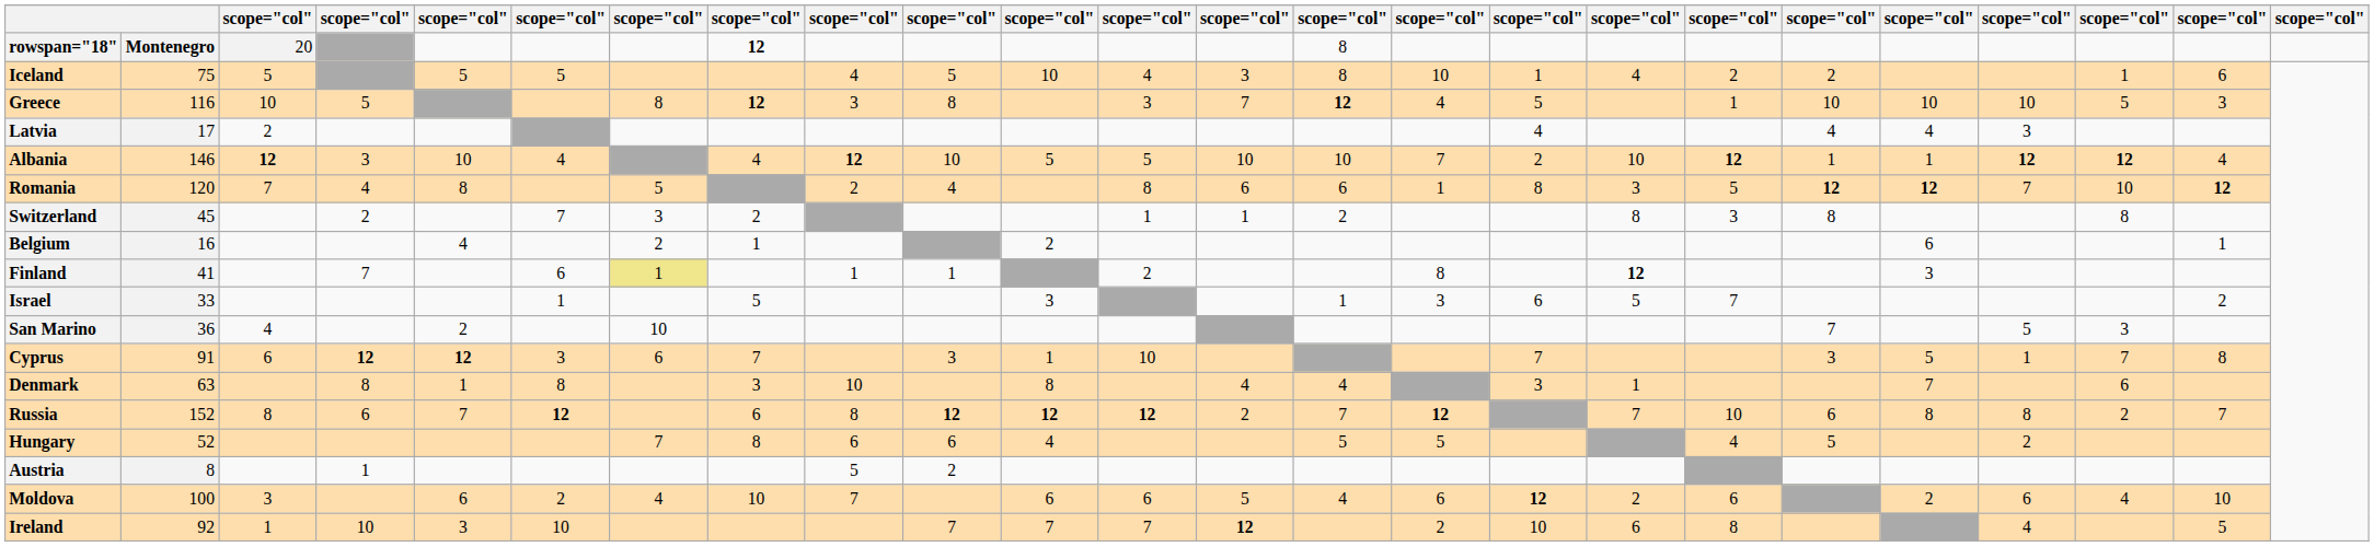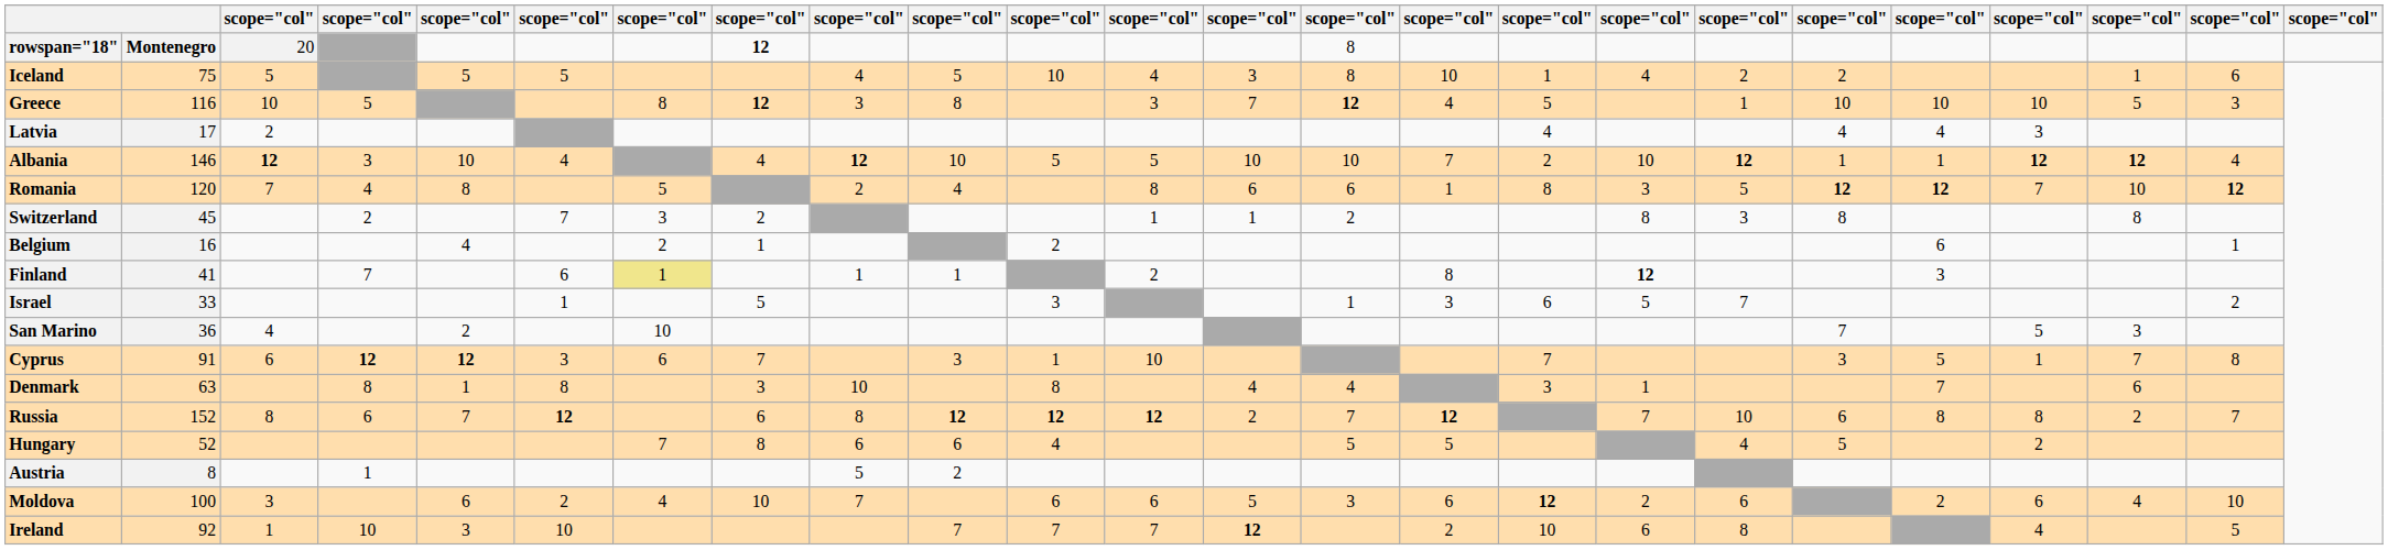 <table class="wikitable plainrowheaders" style="text-align:center; font-size:85%;">
 <tr>
 </tr>
 <tr>
 <th colspan="2"></th>
 <th>scope="col" </th>
 <th>scope="col" </th>
 <th>scope="col" </th>
 <th>scope="col" </th>
 <th>scope="col" </th>
 <th>scope="col" </th>
 <th>scope="col" </th>
 <th>scope="col" </th>
 <th>scope="col" </th>
 <th>scope="col" </th>
 <th>scope="col" </th>
 <th>scope="col" </th>
 <th>scope="col" </th>
 <th>scope="col" </th>
 <th>scope="col" </th>
 <th>scope="col" </th>
 <th>scope="col" </th>
 <th>scope="col" </th>
 <th>scope="col" </th>
 <th>scope="col" </th>
 <th>scope="col" </th>
 <th>scope="col" </th>
 </tr>
 <tr>
 <th>rowspan="18" </th>
 <th scope="row" style="text-align:left; background:#f2f2f2;">Montenegro</th>
 <td style="text-align:right; background:#f2f2f2;">20</td>
 <td style="text-align:left; background:#aaa;"></td>
 <td></td>
 <td></td>
 <td></td>
 <td><strong>12</strong></td>
 <td></td>
 <td></td>
 <td></td>
 <td></td>
 <td></td>
 <td>8</td>
 <td></td>
 <td></td>
 <td></td>
 <td></td>
 <td></td>
 <td></td>
 <td></td>
 <td></td>
 <td></td>
 <td></td>
 </tr>
 <tr style="background:#ffdead;">
 <th scope="row" style="text-align:left; font-weight:bold; background:#ffdead;">Iceland</th>
 <td style="text-align:right;">75</td>
 <td>5</td>
 <td style="text-align:left; background:#aaa;"></td>
 <td>5</td>
 <td>5</td>
 <td></td>
 <td></td>
 <td>4</td>
 <td>5</td>
 <td>10</td>
 <td>4</td>
 <td>3</td>
 <td>8</td>
 <td>10</td>
 <td>1</td>
 <td>4</td>
 <td>2</td>
 <td>2</td>
 <td></td>
 <td></td>
 <td>1</td>
 <td>6</td>
 </tr>
 <tr style="background:#ffdead;">
 <th scope="row" style="text-align:left; font-weight:bold; background:#ffdead;">Greece</th>
 <td style="text-align:right;">116</td>
 <td>10</td>
 <td>5</td>
 <td style="text-align:left; background:#aaa;"></td>
 <td></td>
 <td>8</td>
 <td><strong>12</strong></td>
 <td>3</td>
 <td>8</td>
 <td></td>
 <td>3</td>
 <td>7</td>
 <td><strong>12</strong></td>
 <td>4</td>
 <td>5</td>
 <td></td>
 <td>1</td>
 <td>10</td>
 <td>10</td>
 <td>10</td>
 <td>5</td>
 <td>3</td>
 </tr>
 <tr>
 <th scope="row" style="text-align:left; background:#f2f2f2;">Latvia</th>
 <td style="text-align:right; background:#f2f2f2;">17</td>
 <td>2</td>
 <td></td>
 <td></td>
 <td style="text-align:left; background:#aaa;"></td>
 <td></td>
 <td></td>
 <td></td>
 <td></td>
 <td></td>
 <td></td>
 <td></td>
 <td></td>
 <td></td>
 <td>4</td>
 <td></td>
 <td></td>
 <td>4</td>
 <td>4</td>
 <td>3</td>
 <td></td>
 <td></td>
 </tr>
 <tr style="background:#ffdead;">
 <th scope="row" style="text-align:left; font-weight:bold; background:#ffdead;">Albania</th>
 <td style="text-align:right;">146</td>
 <td><strong>12</strong></td>
 <td>3</td>
 <td>10</td>
 <td>4</td>
 <td style="text-align:left; background:#aaa;"></td>
 <td>4</td>
 <td><strong>12</strong></td>
 <td>10</td>
 <td>5</td>
 <td>5</td>
 <td>10</td>
 <td>10</td>
 <td>7</td>
 <td>2</td>
 <td>10</td>
 <td><strong>12</strong></td>
 <td>1</td>
 <td>1</td>
 <td><strong>12</strong></td>
 <td><strong>12</strong></td>
 <td>4</td>
 </tr>
 <tr style="background:#ffdead;">
 <th scope="row" style="text-align:left; font-weight:bold; background:#ffdead;">Romania</th>
 <td style="text-align:right;">120</td>
 <td>7</td>
 <td>4</td>
 <td>8</td>
 <td></td>
 <td>5</td>
 <td style="text-align:left; background:#aaa;"></td>
 <td>2</td>
 <td>4</td>
 <td></td>
 <td>8</td>
 <td>6</td>
 <td>6</td>
 <td>1</td>
 <td>8</td>
 <td>3</td>
 <td>5</td>
 <td><strong>12</strong></td>
 <td><strong>12</strong></td>
 <td>7</td>
 <td>10</td>
 <td><strong>12</strong></td>
 </tr>
 <tr>
 <th scope="row" style="text-align:left; background:#f2f2f2;">Switzerland</th>
 <td style="text-align:right; background:#f2f2f2;">45</td>
 <td></td>
 <td>2</td>
 <td></td>
 <td>7</td>
 <td>3</td>
 <td>2</td>
 <td style="text-align:left; background:#aaa;"></td>
 <td></td>
 <td></td>
 <td>1</td>
 <td>1</td>
 <td>2</td>
 <td></td>
 <td></td>
 <td>8</td>
 <td>3</td>
 <td>8</td>
 <td></td>
 <td></td>
 <td>8</td>
 <td></td>
 </tr>
 <tr>
 <th scope="row" style="text-align:left; background:#f2f2f2;">Belgium</th>
 <td style="text-align:right; background:#f2f2f2;">16</td>
 <td></td>
 <td></td>
 <td>4</td>
 <td></td>
 <td>2</td>
 <td>1</td>
 <td></td>
 <td style="text-align:left; background:#aaa;"></td>
 <td>2</td>
 <td></td>
 <td></td>
 <td></td>
 <td></td>
 <td></td>
 <td></td>
 <td></td>
 <td></td>
 <td>6</td>
 <td></td>
 <td></td>
 <td>1</td>
 </tr>
 <tr>
 <th scope="row" style="text-align:left; background:#f2f2f2;">Finland</th>
 <td style="text-align:right; background:#f2f2f2;">41</td>
 <td></td>
 <td>7</td>
 <td></td>
 <td>6</td>
 <td style="background: khaki;">1</td>
 <td></td>
 <td>1</td>
 <td>1</td>
 <td style="text-align:left; background:#aaa;"></td>
 <td>2</td>
 <td></td>
 <td></td>
 <td>8</td>
 <td></td>
 <td><strong>12</strong></td>
 <td></td>
 <td></td>
 <td>3</td>
 <td></td>
 <td></td>
 <td></td>
 </tr>
 <tr>
 <th scope="row" style="text-align:left; background:#f2f2f2;">Israel</th>
 <td style="text-align:right; background:#f2f2f2;">33</td>
 <td></td>
 <td></td>
 <td></td>
 <td>1</td>
 <td></td>
 <td>5</td>
 <td></td>
 <td></td>
 <td>3</td>
 <td style="text-align:left; background:#aaa;"></td>
 <td></td>
 <td>1</td>
 <td>3</td>
 <td>6</td>
 <td>5</td>
 <td>7</td>
 <td></td>
 <td></td>
 <td></td>
 <td></td>
 <td>2</td>
 </tr>
 <tr>
 <th scope="row" style="text-align:left; background:#f2f2f2;">San Marino</th>
 <td style="text-align:right; background:#f2f2f2;">36</td>
 <td>4</td>
 <td></td>
 <td>2</td>
 <td></td>
 <td>10</td>
 <td></td>
 <td></td>
 <td></td>
 <td></td>
 <td></td>
 <td style="text-align:left; background:#aaa;"></td>
 <td></td>
 <td></td>
 <td></td>
 <td></td>
 <td></td>
 <td>7</td>
 <td></td>
 <td>5</td>
 <td>3</td>
 <td></td>
 </tr>
 <tr style="background:#ffdead;">
 <th scope="row" style="text-align:left; font-weight:bold; background:#ffdead;">Cyprus</th>
 <td style="text-align:right;">91</td>
 <td>6</td>
 <td><strong>12</strong></td>
 <td><strong>12</strong></td>
 <td>3</td>
 <td>6</td>
 <td>7</td>
 <td></td>
 <td>3</td>
 <td>1</td>
 <td>10</td>
 <td></td>
 <td style="text-align:left; background:#aaa;"></td>
 <td></td>
 <td>7</td>
 <td></td>
 <td></td>
 <td>3</td>
 <td>5</td>
 <td>1</td>
 <td>7</td>
 <td>8</td>
 </tr>
 <tr style="background:#ffdead;">
 <th scope="row" style="text-align:left; font-weight:bold; background:#ffdead;">Denmark</th>
 <td style="text-align:right;">63</td>
 <td></td>
 <td>8</td>
 <td>1</td>
 <td>8</td>
 <td></td>
 <td>3</td>
 <td>10</td>
 <td></td>
 <td>8</td>
 <td></td>
 <td>4</td>
 <td>4</td>
 <td style="text-align:left; background:#aaa;"></td>
 <td>3</td>
 <td>1</td>
 <td></td>
 <td></td>
 <td>7</td>
 <td></td>
 <td>6</td>
 <td></td>
 </tr>
 <tr style="background:#ffdead;">
 <th scope="row" style="text-align:left; font-weight:bold; background:#ffdead;">Russia</th>
 <td style="text-align:right;">152</td>
 <td>8</td>
 <td>6</td>
 <td>7</td>
 <td><strong>12</strong></td>
 <td></td>
 <td>6</td>
 <td>8</td>
 <td><strong>12</strong></td>
 <td><strong>12</strong></td>
 <td><strong>12</strong></td>
 <td>2</td>
 <td>7</td>
 <td><strong>12</strong></td>
 <td style="text-align:left; background:#aaa;"></td>
 <td>7</td>
 <td>10</td>
 <td>6</td>
 <td>8</td>
 <td>8</td>
 <td>2</td>
 <td>7</td>
 </tr>
 <tr style="background:#ffdead;">
 <th scope="row" style="text-align:left; font-weight:bold; background:#ffdead;">Hungary</th>
 <td style="text-align:right;">52</td>
 <td></td>
 <td></td>
 <td></td>
 <td></td>
 <td>7</td>
 <td>8</td>
 <td>6</td>
 <td>6</td>
 <td>4</td>
 <td></td>
 <td></td>
 <td>5</td>
 <td>5</td>
 <td></td>
 <td style="text-align:left; background:#aaa;"></td>
 <td>4</td>
 <td>5</td>
 <td></td>
 <td>2</td>
 <td></td>
 <td></td>
 </tr>
 <tr>
 <th scope="row" style="text-align:left; background:#f2f2f2;">Austria</th>
 <td style="text-align:right; background:#f2f2f2;">8</td>
 <td></td>
 <td>1</td>
 <td></td>
 <td></td>
 <td></td>
 <td></td>
 <td>5</td>
 <td>2</td>
 <td></td>
 <td></td>
 <td></td>
 <td></td>
 <td></td>
 <td></td>
 <td></td>
 <td style="text-align:left; background:#aaa;"></td>
 <td></td>
 <td></td>
 <td></td>
 <td></td>
 <td></td>
 </tr>
 <tr style="background:#ffdead;">
 <th scope="row" style="text-align:left; font-weight:bold; background:#ffdead;">Moldova</th>
 <td style="text-align:right;">100</td>
 <td>3</td>
 <td></td>
 <td>6</td>
 <td>2</td>
 <td>4</td>
 <td>10</td>
 <td>7</td>
 <td></td>
 <td>6</td>
 <td>6</td>
 <td>5</td>
-<td>4</td>
+<td>3</td>
 <td>6</td>
 <td><strong>12</strong></td>
 <td>2</td>
 <td>6</td>
 <td style="text-align:left; background:#aaa;"></td>
 <td>2</td>
 <td>6</td>
 <td>4</td>
 <td>10</td>
 </tr>
 <tr style="background:#ffdead;">
 <th scope="row" style="text-align:left; font-weight:bold; background:#ffdead;">Ireland</th>
 <td style="text-align:right;">92</td>
 <td>1</td>
 <td>10</td>
 <td>3</td>
 <td>10</td>
 <td></td>
 <td></td>
 <td></td>
 <td>7</td>
 <td>7</td>
 <td>7</td>
 <td><strong>12</strong></td>
 <td></td>
 <td>2</td>
 <td>10</td>
 <td>6</td>
 <td>8</td>
 <td></td>
 <td style="text-align:left; background:#aaa;"></td>
 <td>4</td>
 <td></td>
 <td>5</td>
 </tr>
 </table>
